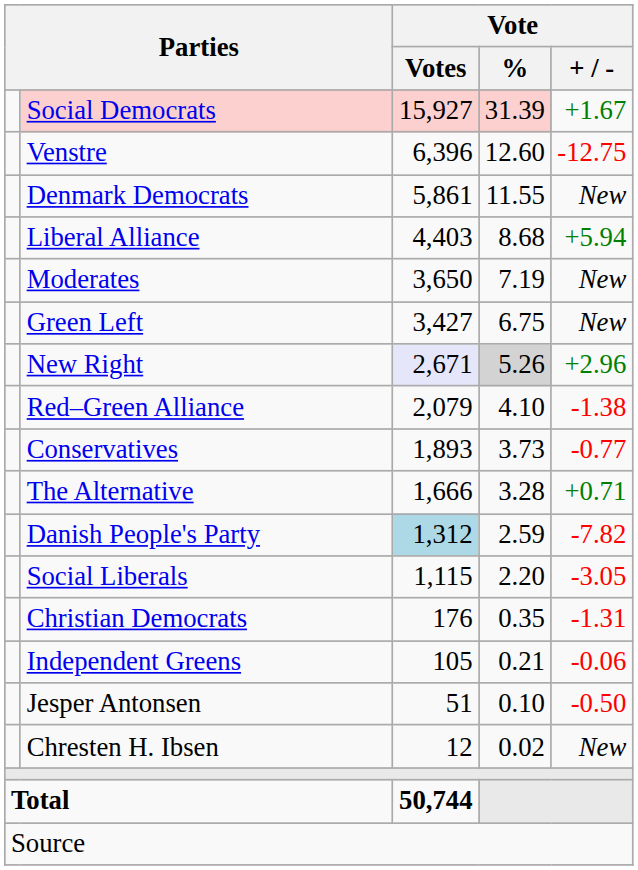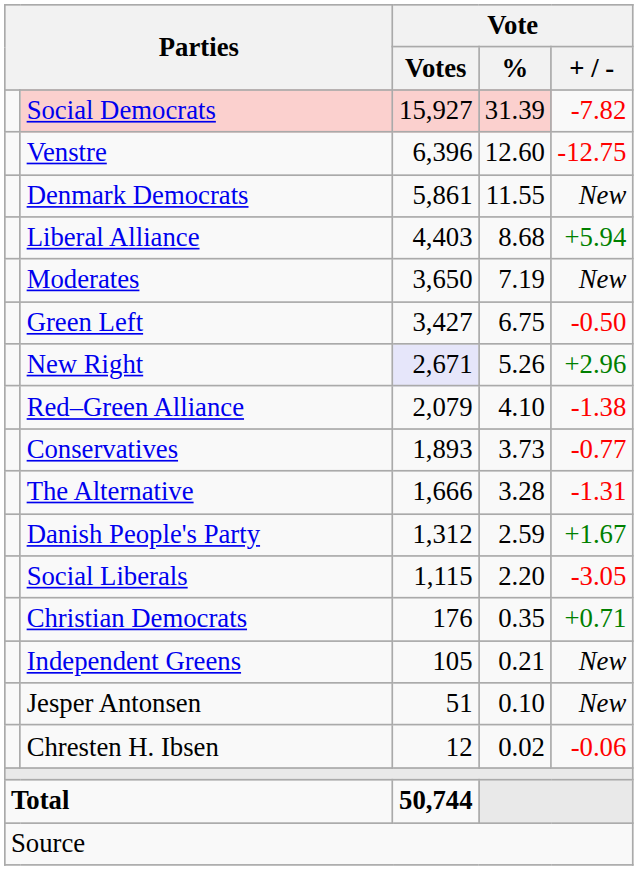 <table class="wikitable" style="text-align:right;">
 <tr>
 <th style="text-align:centre;" rowspan="2" colspan="2" width="225">Parties</th>
 <th colspan="3">Vote</th>
 </tr>
 <tr>
 <th width="15">Votes</th>
 <th width="15">%</th>
 <th width="15">+ / -</th>
 </tr>
 <tr>
 <td width="2" style="color:inherit;background:"></td>
 <td bgcolor=#fbd0ce  align="left"><a href='#'>Social Democrats</a></td>
 <td bgcolor=#fbd0ce>15,927</td>
 <td bgcolor=#fbd0ce>31.39</td>
-<td style=color:green;>+1.67</td>
+<td style=color:red;>-7.82</td>
 </tr>
 <tr>
 <td width="2" style="color:inherit;background:"></td>
 <td align="left"><a href='#'>Venstre</a></td>
 <td>6,396</td>
 <td>12.60</td>
 <td style=color:red;>-12.75</td>
 </tr>
 <tr>
 <td width="2" style="color:inherit;background:"></td>
 <td align="left"><a href='#'>Denmark Democrats</a></td>
 <td>5,861</td>
 <td>11.55</td>
 <td><em>New</em></td>
 </tr>
 <tr>
 <td width="2" style="color:inherit;background:"></td>
 <td align="left"><a href='#'>Liberal Alliance</a></td>
 <td>4,403</td>
 <td>8.68</td>
 <td style=color:green;>+5.94</td>
 </tr>
 <tr>
 <td width="2" style="color:inherit;background:"></td>
 <td align="left"><a href='#'>Moderates</a></td>
 <td>3,650</td>
 <td>7.19</td>
 <td><em>New</em></td>
 </tr>
 <tr>
 <td width="2" style="color:inherit;background:"></td>
 <td align="left"><a href='#'>Green Left</a></td>
 <td>3,427</td>
 <td>6.75</td>
-<td><em>New</em></td>
+<td style=color:red;>-0.50</td>
 </tr>
 <tr>
 <td width="2" style="color:inherit;background:"></td>
 <td align="left"><a href='#'>New Right</a></td>
 <td style="background: lavender;">2,671</td>
-<td style="background: lightgrey;">5.26</td>
+<td>5.26</td>
 <td style=color:green;>+2.96</td>
 </tr>
 <tr>
 <td width="2" style="color:inherit;background:"></td>
 <td align="left"><a href='#'>Red–Green Alliance</a></td>
 <td>2,079</td>
 <td>4.10</td>
 <td style=color:red;>-1.38</td>
 </tr>
 <tr>
 <td width="2" style="color:inherit;background:"></td>
 <td align="left"><a href='#'>Conservatives</a></td>
 <td>1,893</td>
 <td>3.73</td>
 <td style=color:red;>-0.77</td>
 </tr>
 <tr>
 <td width="2" style="color:inherit;background:"></td>
 <td align="left"><a href='#'>The Alternative</a></td>
 <td>1,666</td>
 <td>3.28</td>
-<td style=color:green;>+0.71</td>
+<td style=color:red;>-1.31</td>
 </tr>
 <tr>
 <td width="2" style="color:inherit;background:"></td>
 <td align="left"><a href='#'>Danish People's Party</a></td>
-<td style="background: lightblue;">1,312</td>
+<td>1,312</td>
 <td>2.59</td>
-<td style=color:red;>-7.82</td>
+<td style=color:green;>+1.67</td>
 </tr>
 <tr>
 <td width="2" style="color:inherit;background:"></td>
 <td align="left"><a href='#'>Social Liberals</a></td>
 <td>1,115</td>
 <td>2.20</td>
 <td style=color:red;>-3.05</td>
 </tr>
 <tr>
 <td width="2" style="color:inherit;background:"></td>
 <td align="left"><a href='#'>Christian Democrats</a></td>
 <td>176</td>
 <td>0.35</td>
-<td style=color:red;>-1.31</td>
+<td style=color:green;>+0.71</td>
 </tr>
 <tr>
 <td width="2" style="color:inherit;background:"></td>
 <td align="left"><a href='#'>Independent Greens</a></td>
 <td>105</td>
 <td>0.21</td>
-<td style=color:red;>-0.06</td>
+<td><em>New</em></td>
 </tr>
 <tr>
 <td width="2" style="color:inherit;background:"></td>
 <td align="left">Jesper Antonsen</td>
 <td>51</td>
 <td>0.10</td>
-<td style=color:red;>-0.50</td>
+<td><em>New</em></td>
 </tr>
 <tr>
 <td width="2" style="color:inherit;background:"></td>
 <td align="left">Chresten H. Ibsen</td>
 <td>12</td>
 <td>0.02</td>
-<td><em>New</em></td>
+<td style=color:red;>-0.06</td>
 </tr>
 <tr>
 <td colspan="7" bgcolor="#E9E9E9"></td>
 </tr>
 <tr>
 <td align="left" colspan="2"><strong>Total</strong></td>
 <td><strong>50,744</strong></td>
 <td bgcolor="#E9E9E9" colspan="2"></td>
 </tr>
 <tr>
 <td align="left" colspan="6">Source</td>
 </tr>
 </table>
